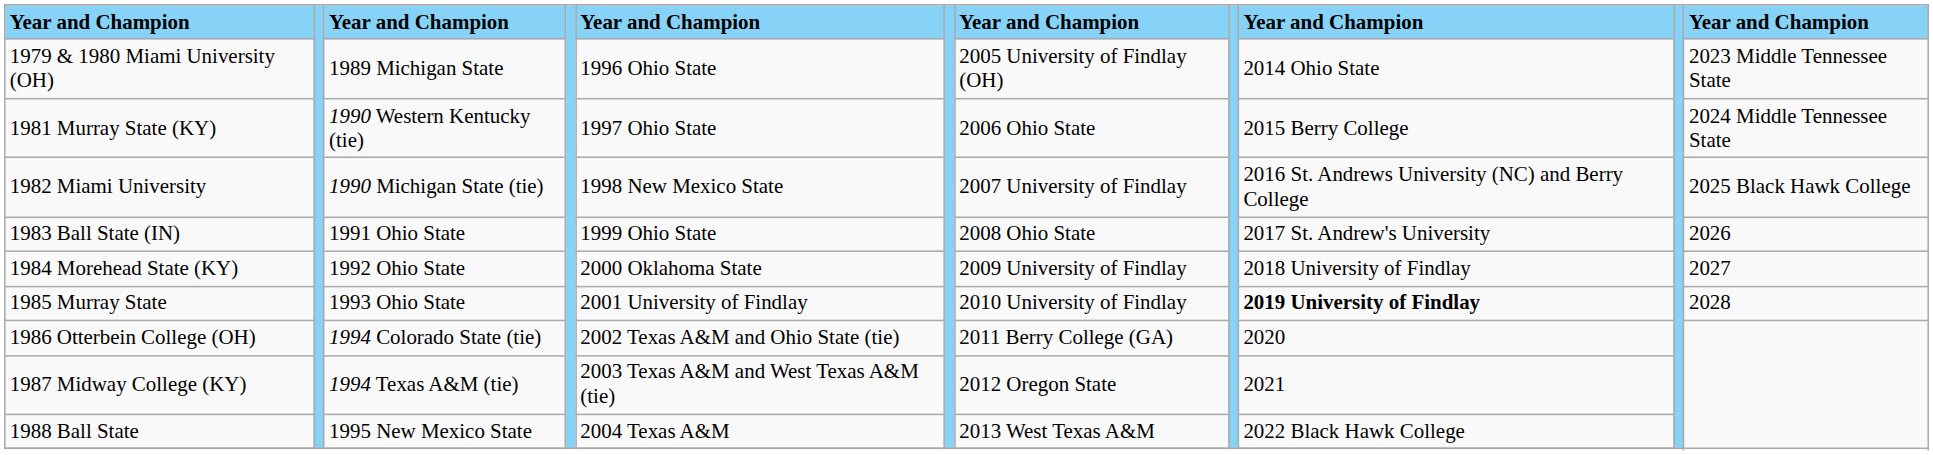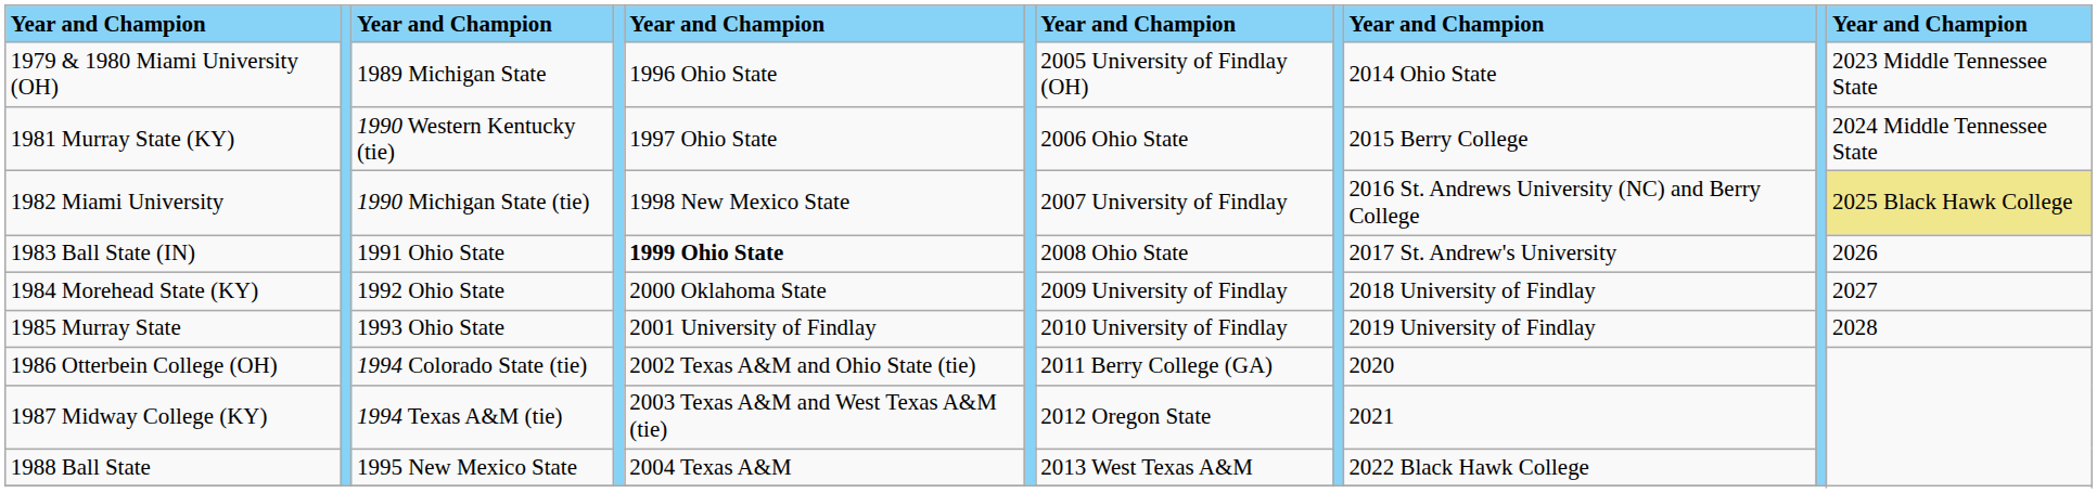 <table class="wikitable" style="font-size:85%;">
 <tr ! style="background-color: #87D3F8;">
 <td><strong>Year and Champion</strong></td>
 <td rowspan=11></td>
 <td><strong>Year and Champion</strong></td>
 <td rowspan=11></td>
 <td><strong>Year and Champion</strong></td>
 <td rowspan=11></td>
 <td><strong>Year and Champion</strong></td>
 <td rowspan=11></td>
 <td><strong>Year and Champion</strong></td>
 <td rowspan=11></td>
 <td><strong>Year and Champion</strong></td>
 </tr>
 <tr --->
 <td>1979 & 1980 Miami University (OH)</td>
 <td>1989 Michigan State</td>
 <td>1996 Ohio State</td>
 <td>2005 University of Findlay (OH)</td>
 <td>2014 Ohio State</td>
 <td>2023 Middle Tennessee State</td>
 </tr>
 <tr --->
 <td>1981 Murray State (KY)</td>
 <td><em>1990</em> Western Kentucky (tie)</td>
 <td>1997 Ohio State</td>
 <td>2006 Ohio State</td>
 <td>2015 Berry College</td>
 <td>2024 Middle Tennessee State</td>
 </tr>
 <tr --->
 <td>1982 Miami University</td>
 <td><em>1990</em> Michigan State (tie)</td>
 <td>1998 New Mexico State</td>
 <td>2007 University of Findlay</td>
 <td>2016 St. Andrews University (NC) and Berry College</td>
-<td>2025 Black Hawk College</td>
+<td style="background: khaki;">2025 Black Hawk College</td>
 </tr>
 <tr --->
 <td>1983 Ball State (IN)</td>
 <td>1991 Ohio State</td>
-<td>1999 Ohio State</td>
+<td><strong>1999 Ohio State</strong></td>
 <td>2008 Ohio State</td>
 <td>2017 St. Andrew's University</td>
 <td>2026</td>
 </tr>
 <tr --->
 <td>1984 Morehead State (KY)</td>
 <td>1992 Ohio State</td>
 <td>2000 Oklahoma State</td>
 <td>2009 University of Findlay</td>
 <td>2018 University of Findlay</td>
 <td>2027</td>
 </tr>
 <tr --->
 <td>1985 Murray State</td>
 <td>1993 Ohio State</td>
 <td>2001 University of Findlay</td>
 <td>2010 University of Findlay</td>
-<td><strong>2019 University of Findlay</strong></td>
+<td>2019 University of Findlay</td>
 <td>2028</td>
 </tr>
 <tr --->
 <td>1986 Otterbein College (OH)</td>
 <td><em>1994</em> Colorado State (tie)</td>
 <td>2002 Texas A&M and Ohio State (tie)</td>
 <td>2011 Berry College (GA)</td>
 <td>2020</td>
 </tr>
 <tr --->
 <td>1987 Midway College (KY)</td>
 <td><em>1994</em> Texas A&M (tie)</td>
 <td>2003 Texas A&M and West Texas A&M (tie)</td>
 <td>2012 Oregon State</td>
 <td>2021</td>
 </tr>
 <tr --->
 <td>1988 Ball State</td>
 <td>1995 New Mexico State</td>
 <td>2004 Texas A&M</td>
 <td>2013 West Texas A&M</td>
 <td>2022 Black Hawk College</td>
 </tr>
 <tr --->
 </tr>
 </table>
